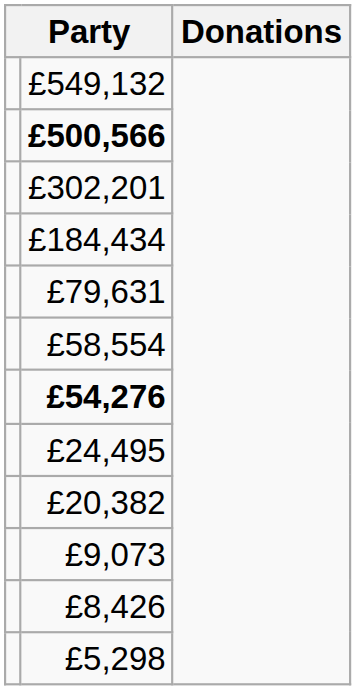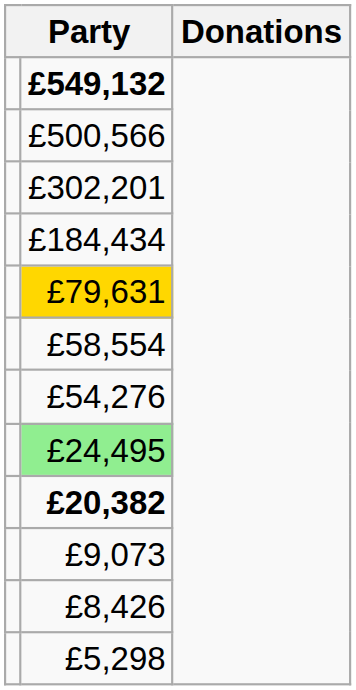 <table class="wikitable sortable" style="text-align:right; font-size:95%;">
 <tr>
 <th colspan="2">Party</th>
 <th>Donations</th>
 </tr>
 <tr>
 <td></td>
-<td>£549,132</td>
+<td><strong>£549,132</strong></td>
 </tr>
 <tr>
 <td></td>
-<td><strong>£500,566</strong></td>
+<td>£500,566</td>
 </tr>
 <tr>
 <td></td>
 <td>£302,201</td>
 </tr>
 <tr>
 <td></td>
 <td>£184,434</td>
 </tr>
 <tr>
 <td></td>
-<td>£79,631</td>
+<td style="background: gold;">£79,631</td>
 </tr>
 <tr>
 <td></td>
 <td>£58,554</td>
 </tr>
 <tr>
 <td></td>
-<td><strong>£54,276</strong></td>
+<td>£54,276</td>
 </tr>
 <tr>
 <td></td>
-<td>£24,495</td>
+<td style="background: lightgreen;">£24,495</td>
 </tr>
 <tr>
 <td></td>
-<td>£20,382</td>
+<td><strong>£20,382</strong></td>
 </tr>
 <tr>
 <td></td>
 <td>£9,073</td>
 </tr>
 <tr>
 <td></td>
 <td>£8,426</td>
 </tr>
 <tr>
 <td></td>
 <td>£5,298</td>
 </tr>
 </table>
